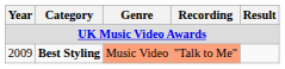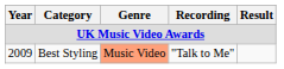 <table class=wikitable>
 <tr style="background:#ccc;">
 <th>Year</th>
 <th>Category</th>
 <th>Genre</th>
 <th>Recording</th>
 <th>Result</th>
 </tr>
 <tr style="background:#ddd;">
 <td colspan="5" style="text-align:center;"><strong><a href='#'>UK Music Video Awards</a></strong></td>
 </tr>
 <tr align=center>
 <td style="text-align:left;">2009</td>
-<td><strong>Best Styling</strong></td>
+<td>Best Styling</td>
 <td style="background: lightsalmon;">Music Video</td>
-<td style="background: lightsalmon;">"Talk to Me"</td>
+<td>"Talk to Me"</td>
 <td></td>
 </tr>
 </table>
